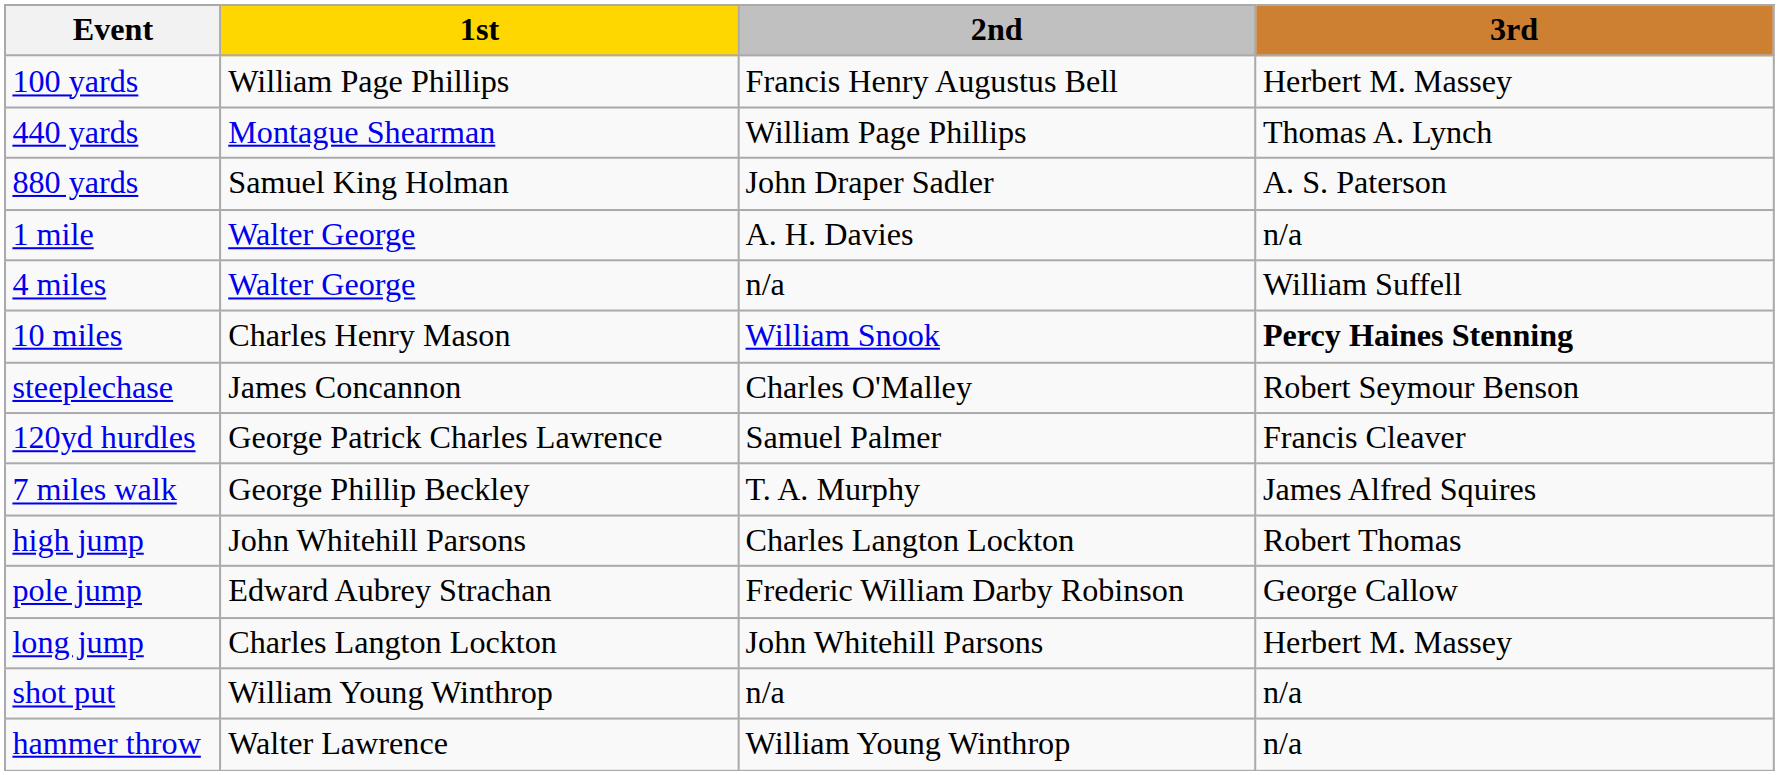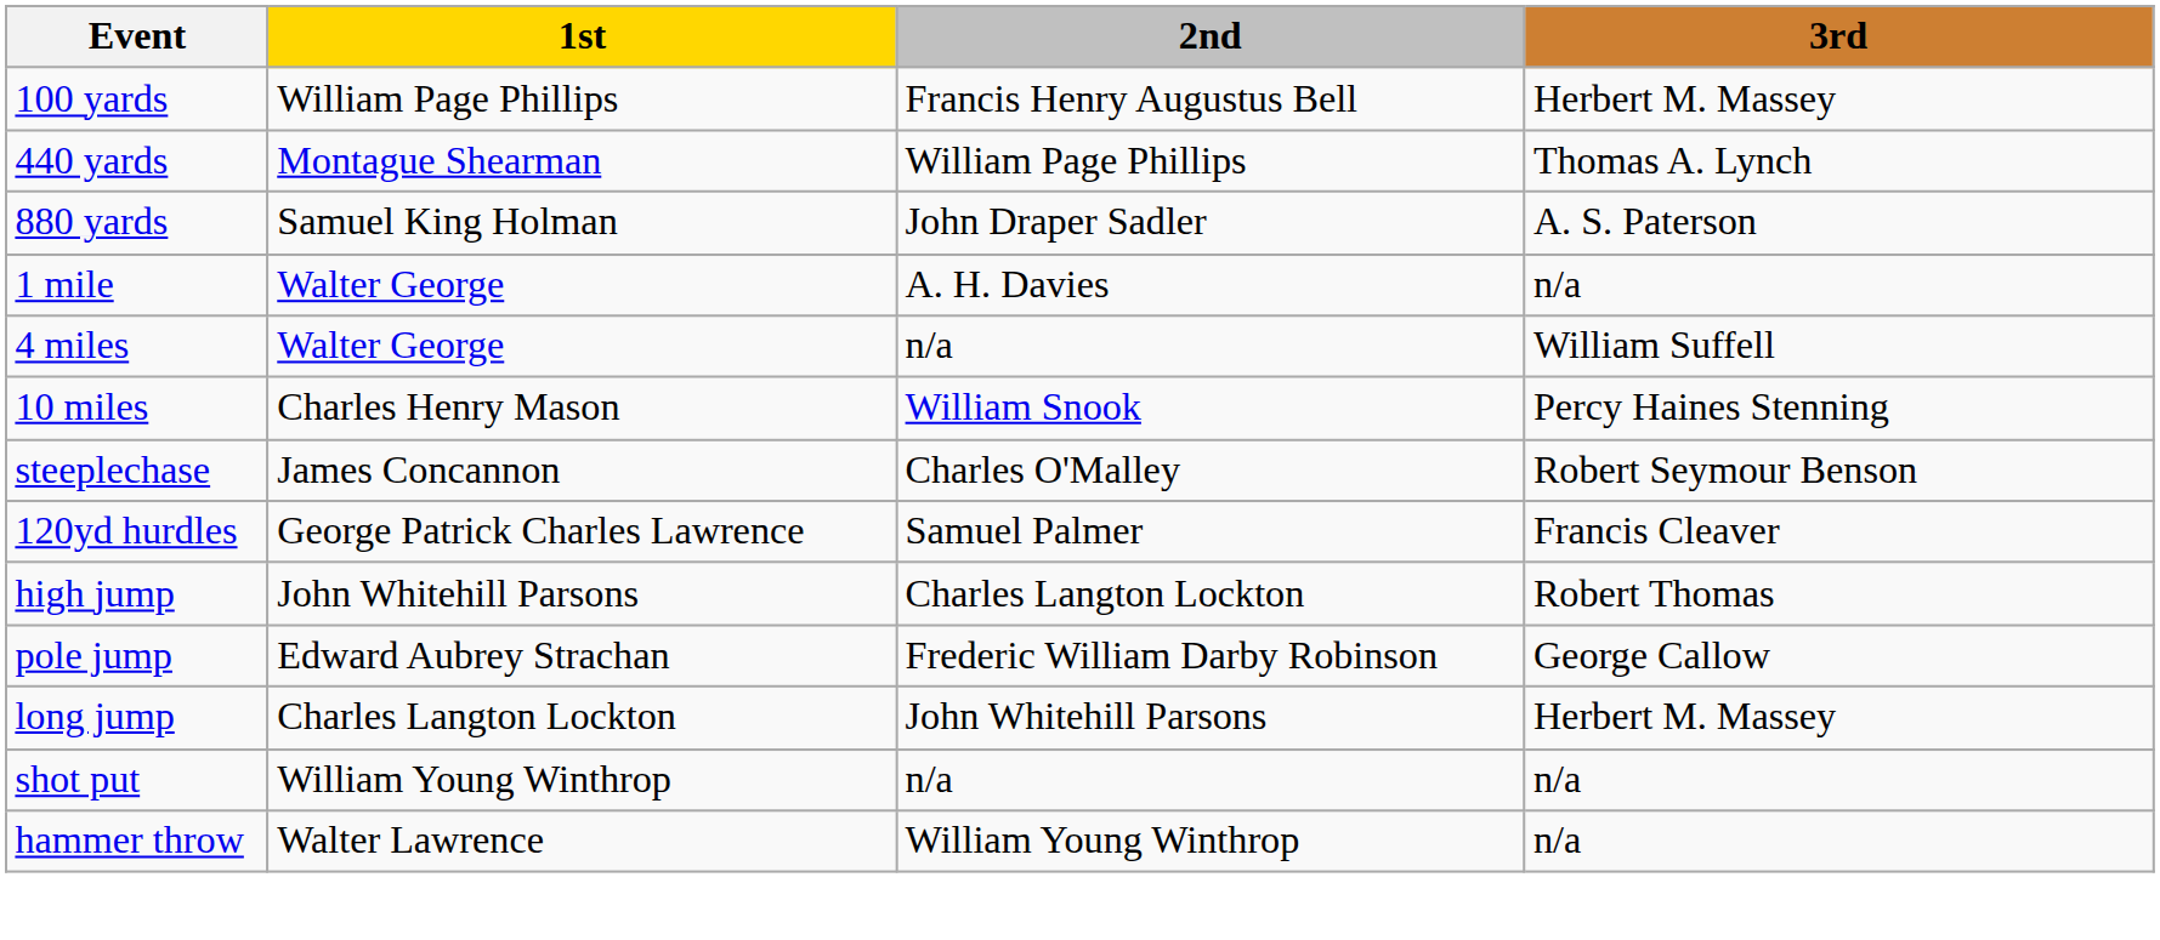 <table class="wikitable" style="text-align:left">
 <tr>
 <th width=100>Event</th>
 <th width="250" style="background:gold;">1st</th>
 <th width="250" style="background:silver;">2nd</th>
 <th width="250" style="background:#CD7F32;">3rd</th>
 </tr>
 <tr>
 <td><a href='#'>100 yards</a></td>
 <td> William Page Phillips</td>
 <td>Francis Henry Augustus Bell</td>
 <td> Herbert M. Massey</td>
 </tr>
 <tr>
 <td><a href='#'>440 yards</a></td>
 <td><a href='#'>Montague Shearman</a></td>
 <td>William Page Phillips</td>
 <td>Thomas A. Lynch</td>
 </tr>
 <tr>
 <td><a href='#'>880 yards</a></td>
 <td>Samuel King Holman</td>
 <td>John Draper Sadler</td>
 <td> A. S. Paterson</td>
 </tr>
 <tr>
 <td><a href='#'>1 mile</a></td>
 <td><a href='#'>Walter George</a></td>
 <td>A. H. Davies</td>
 <td>n/a</td>
 </tr>
 <tr>
 <td><a href='#'>4 miles</a></td>
 <td><a href='#'>Walter George</a></td>
 <td>n/a</td>
 <td>William Suffell</td>
 </tr>
 <tr>
 <td><a href='#'>10 miles</a></td>
 <td>Charles Henry Mason</td>
 <td><a href='#'>William Snook</a></td>
-<td><strong>Percy Haines Stenning</strong></td>
+<td>Percy Haines Stenning</td>
 </tr>
 <tr>
 <td><a href='#'>steeplechase</a></td>
 <td>James Concannon</td>
 <td>Charles O'Malley</td>
 <td>Robert Seymour Benson</td>
 </tr>
 <tr>
 <td><a href='#'>120yd hurdles</a></td>
 <td>George Patrick Charles Lawrence</td>
 <td>Samuel Palmer</td>
 <td>Francis Cleaver</td>
-</tr>
-<tr>
-<td><a href='#'>7 miles walk</a></td>
-<td>George Phillip Beckley</td>
-<td>T. A. Murphy</td>
-<td>James Alfred Squires</td>
 </tr>
 <tr>
 <td><a href='#'>high jump</a></td>
 <td> John Whitehill Parsons</td>
 <td> Charles Langton Lockton</td>
 <td>Robert Thomas</td>
 </tr>
 <tr>
 <td><a href='#'>pole jump</a></td>
 <td>Edward Aubrey Strachan</td>
 <td>Frederic William Darby Robinson</td>
 <td>George Callow</td>
 </tr>
 <tr>
 <td><a href='#'>long jump</a></td>
 <td>Charles Langton Lockton</td>
 <td> John Whitehill Parsons</td>
 <td>Herbert M. Massey</td>
 </tr>
 <tr>
 <td><a href='#'>shot put</a></td>
 <td>William Young Winthrop</td>
 <td>n/a</td>
 <td>n/a</td>
 </tr>
 <tr>
 <td><a href='#'>hammer throw</a></td>
 <td>Walter Lawrence</td>
 <td>William Young Winthrop</td>
 <td>n/a</td>
 </tr>
 </table>
